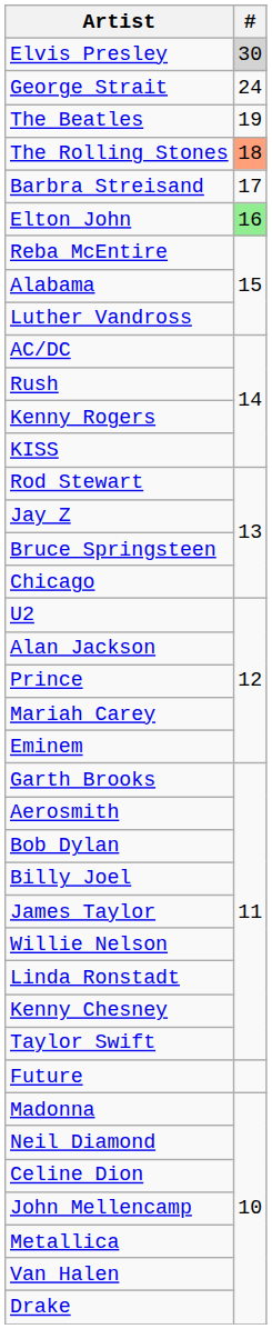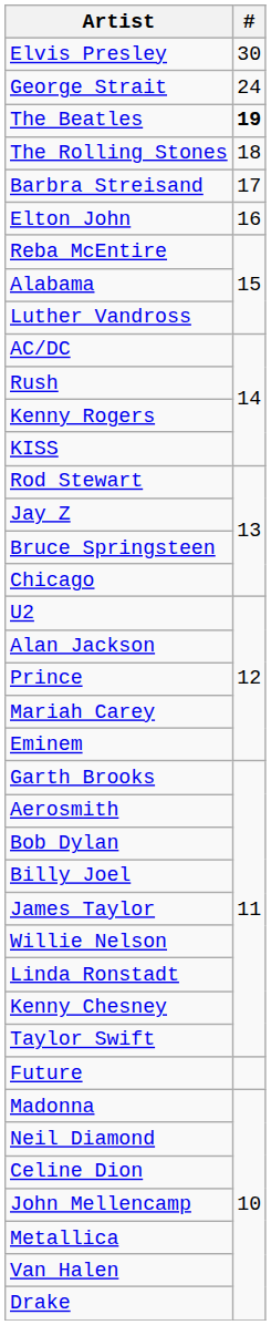 <table class="wikitable sortable">
 <tr>
 <th>Artist</th>
 <th>#</th>
 </tr>
 <tr>
 <td><a href='#'>Elvis Presley</a></td>
-<td style="background: lightgrey;">30</td>
+<td>30</td>
 </tr>
 <tr>
 <td><a href='#'>George Strait</a></td>
 <td>24</td>
 </tr>
 <tr>
 <td><a href='#'>The Beatles</a></td>
-<td>19</td>
+<td><strong>19</strong></td>
 </tr>
 <tr>
 <td><a href='#'>The Rolling Stones</a></td>
-<td style="background: lightsalmon;">18</td>
+<td>18</td>
 </tr>
 <tr>
 <td><a href='#'>Barbra Streisand</a></td>
 <td>17</td>
 </tr>
 <tr>
 <td><a href='#'>Elton John</a></td>
-<td style="background: lightgreen;">16</td>
+<td>16</td>
 </tr>
 <tr>
 <td><a href='#'>Reba McEntire</a></td>
 <td rowspan="3">15</td>
 </tr>
 <tr>
 <td><a href='#'>Alabama</a></td>
 </tr>
 <tr>
 <td><a href='#'>Luther Vandross</a></td>
 </tr>
 <tr>
 <td><a href='#'>AC/DC</a></td>
 <td rowspan="4">14</td>
 </tr>
 <tr>
 <td><a href='#'>Rush</a></td>
 </tr>
 <tr>
 <td><a href='#'>Kenny Rogers</a></td>
 </tr>
 <tr>
 <td><a href='#'>KISS</a></td>
 </tr>
 <tr>
 <td><a href='#'>Rod Stewart</a></td>
 <td rowspan="4">13</td>
 </tr>
 <tr>
 <td><a href='#'>Jay Z</a></td>
 </tr>
 <tr>
 <td><a href='#'>Bruce Springsteen</a></td>
 </tr>
 <tr>
 <td><a href='#'>Chicago</a></td>
 </tr>
 <tr>
 <td><a href='#'>U2</a></td>
 <td rowspan="5">12</td>
 </tr>
 <tr>
 <td><a href='#'>Alan Jackson</a></td>
 </tr>
 <tr>
 <td><a href='#'>Prince</a></td>
 </tr>
 <tr>
 <td><a href='#'>Mariah Carey</a></td>
 </tr>
 <tr>
 <td><a href='#'>Eminem</a></td>
 </tr>
 <tr>
 <td><a href='#'>Garth Brooks</a></td>
 <td rowspan="9">11</td>
 </tr>
 <tr>
 <td><a href='#'>Aerosmith</a></td>
 </tr>
 <tr>
 <td><a href='#'>Bob Dylan</a></td>
 </tr>
 <tr>
 <td><a href='#'>Billy Joel</a></td>
 </tr>
 <tr>
 <td><a href='#'>James Taylor</a></td>
 </tr>
 <tr>
 <td><a href='#'>Willie Nelson</a></td>
 </tr>
 <tr>
 <td><a href='#'>Linda Ronstadt</a></td>
 </tr>
 <tr>
 <td><a href='#'>Kenny Chesney</a></td>
 </tr>
 <tr>
 <td><a href='#'>Taylor Swift</a></td>
 </tr>
 <tr>
 <td><a href='#'>Future</a></td>
 </tr>
 <tr>
 <td><a href='#'>Madonna</a></td>
 <td rowspan="9">10</td>
 </tr>
 <tr>
 <td><a href='#'>Neil Diamond</a></td>
 </tr>
 <tr>
 <td><a href='#'>Celine Dion</a></td>
 </tr>
 <tr>
 <td><a href='#'>John Mellencamp</a></td>
 </tr>
 <tr>
 <td><a href='#'>Metallica</a></td>
 </tr>
 <tr>
 <td><a href='#'>Van Halen</a></td>
 </tr>
 <tr>
 <td><a href='#'>Drake</a></td>
 </tr>
 </table>
